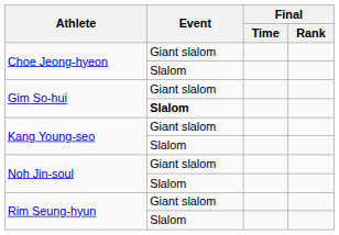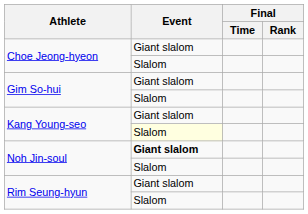 <table class="wikitable" style="font-size:90%; text-align:center; width:400px">
 <tr>
 <th rowspan="2">Athlete</th>
 <th rowspan="2">Event</th>
 <th colspan="2">Final</th>
 </tr>
 <tr>
 <th>Time</th>
 <th>Rank</th>
 </tr>
 <tr>
 <td align=left rowspan=2><a href='#'>Choe Jeong-hyeon</a></td>
 <td align=left>Giant slalom</td>
 <td></td>
 <td></td>
 </tr>
 <tr>
 <td align=left>Slalom</td>
 <td></td>
 <td></td>
 </tr>
 <tr>
 <td align=left rowspan=2><a href='#'>Gim So-hui</a></td>
 <td align=left>Giant slalom</td>
 <td></td>
 <td></td>
 </tr>
 <tr>
-<td align=left><strong>Slalom</strong></td>
+<td align=left>Slalom</td>
 <td></td>
 <td></td>
 </tr>
 <tr>
 <td align=left rowspan=2><a href='#'>Kang Young-seo</a></td>
 <td align=left>Giant slalom</td>
 <td></td>
 <td></td>
 </tr>
 <tr>
-<td align=left>Slalom</td>
+<td align=left style="background: lightyellow;">Slalom</td>
 <td></td>
 <td></td>
 </tr>
 <tr>
 <td align=left rowspan=2><a href='#'>Noh Jin-soul</a></td>
-<td align=left>Giant slalom</td>
+<td align=left><strong>Giant slalom</strong></td>
 <td></td>
 <td></td>
 </tr>
 <tr>
 <td align=left>Slalom</td>
 <td></td>
 <td></td>
 </tr>
 <tr>
 <td align=left rowspan=2><a href='#'>Rim Seung-hyun</a></td>
 <td align=left>Giant slalom</td>
 <td></td>
 <td></td>
 </tr>
 <tr>
 <td align=left>Slalom</td>
 <td></td>
 <td></td>
 </tr>
 </table>
